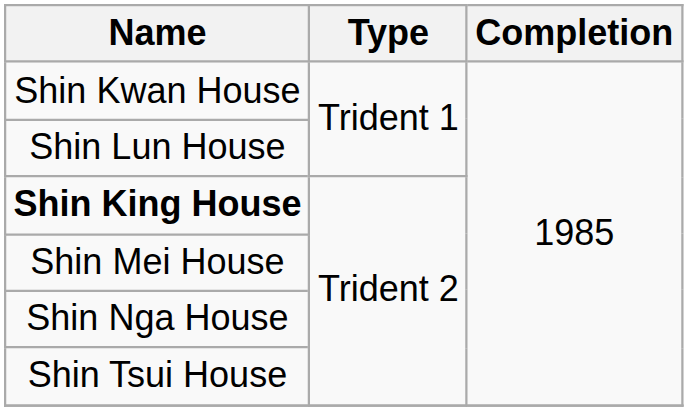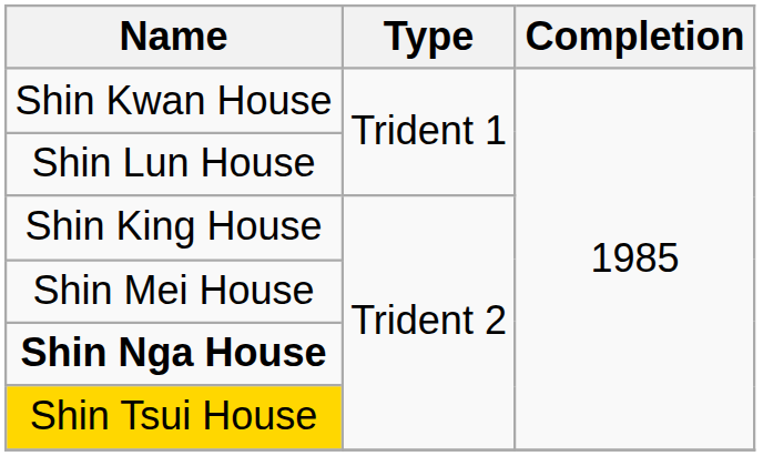 <table class="wikitable" style="text-align: center">
 <tr>
 <th>Name</th>
 <th>Type</th>
 <th>Completion</th>
 </tr>
 <tr>
 <td>Shin Kwan House</td>
 <td rowspan="2">Trident 1</td>
 <td rowspan="6">1985</td>
 </tr>
 <tr>
 <td>Shin Lun House</td>
 </tr>
 <tr>
-<td><strong>Shin King House</strong></td>
+<td>Shin King House</td>
 <td rowspan="4">Trident 2</td>
 </tr>
 <tr>
 <td>Shin Mei House</td>
 </tr>
 <tr>
-<td>Shin Nga House</td>
+<td><strong>Shin Nga House</strong></td>
 </tr>
 <tr>
-<td>Shin Tsui House</td>
+<td style="background: gold;">Shin Tsui House</td>
 </tr>
 <tr>
 </tr>
 </table>
